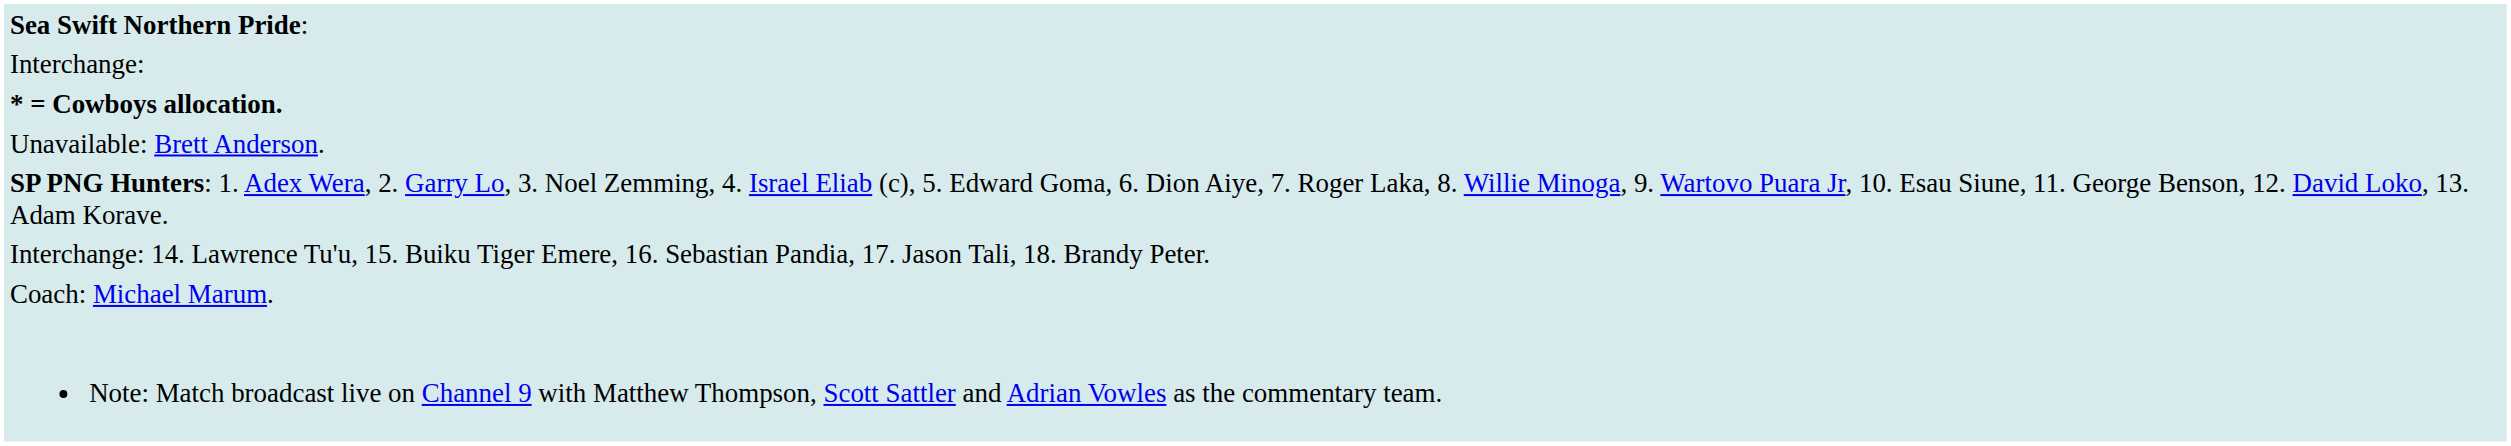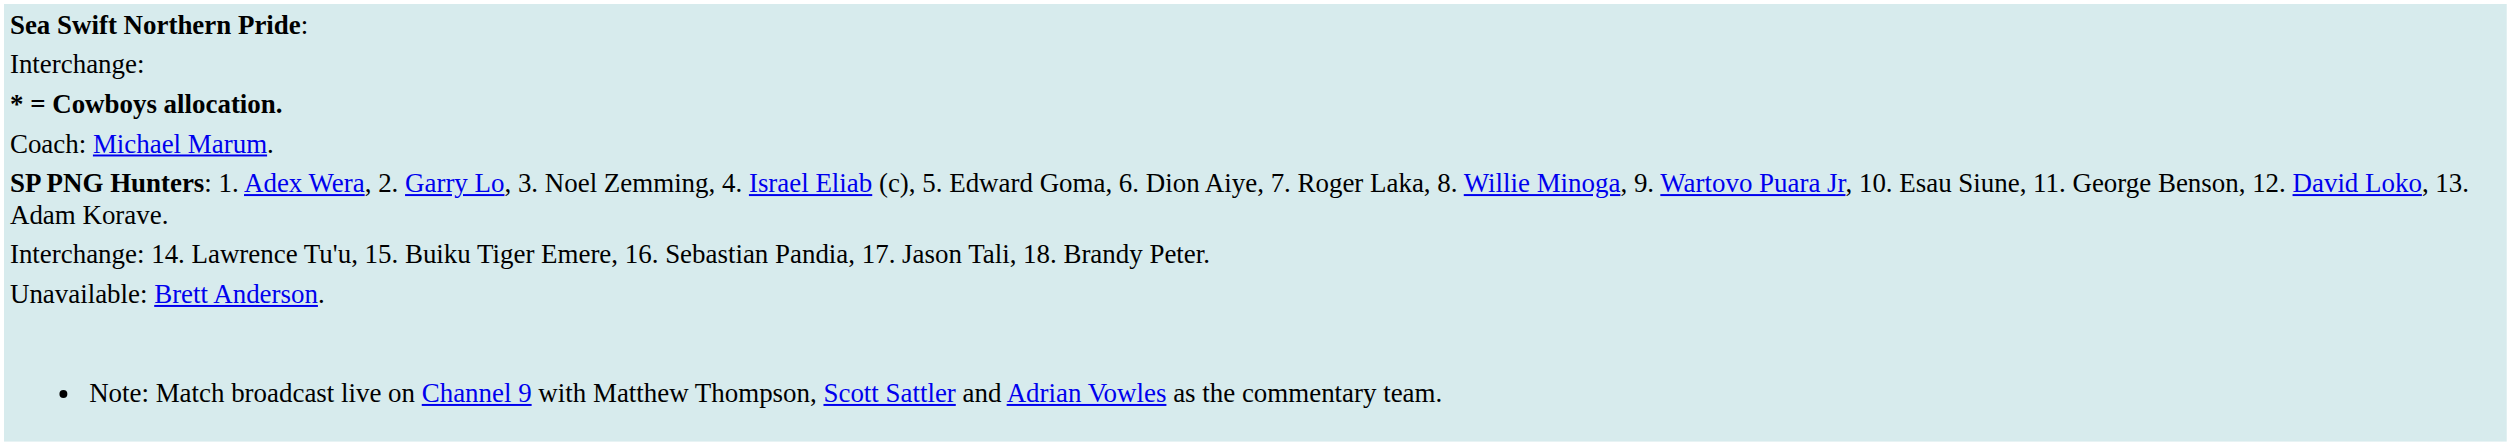 <table style="background:#d7ebed; font-size:85%; width:100%;">
 <tr>
 <td><strong>Sea Swift Northern Pride</strong>:             </td>
 </tr>
 <tr>
 <td>Interchange:    </td>
 </tr>
 <tr>
 <td><strong>* = Cowboys allocation.</strong></td>
 </tr>
 <tr>
-<td>Unavailable: <a href='#'>Brett Anderson</a>.</td>
+<td>Coach: <a href='#'>Michael Marum</a>.</td>
 </tr>
 <tr>
 <td><strong>SP PNG Hunters</strong>: 1. <a href='#'>Adex Wera</a>, 2. <a href='#'>Garry Lo</a>, 3. Noel Zemming, 4. <a href='#'>Israel Eliab</a> (c), 5. Edward Goma, 6. Dion Aiye, 7. Roger Laka, 8. <a href='#'>Willie Minoga</a>, 9. <a href='#'>Wartovo Puara Jr</a>, 10. Esau Siune, 11. George Benson, 12. <a href='#'>David Loko</a>, 13. Adam Korave.</td>
 </tr>
 <tr>
 <td>Interchange: 14. Lawrence Tu'u, 15. Buiku Tiger Emere, 16. Sebastian Pandia, 17. Jason Tali, 18. Brandy Peter.</td>
 </tr>
 <tr>
-<td>Coach: <a href='#'>Michael Marum</a>.</td>
+<td>Unavailable: <a href='#'>Brett Anderson</a>.</td>
 </tr>
 <tr>
 <td><br><ul><li>Note: Match broadcast live on <a href='#'>Channel 9</a> with Matthew Thompson, <a href='#'>Scott Sattler</a> and <a href='#'>Adrian Vowles</a> as the commentary team.</li></ul></td>
 </tr>
 </table>
